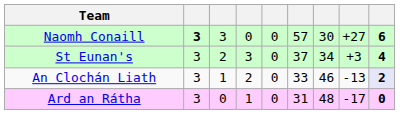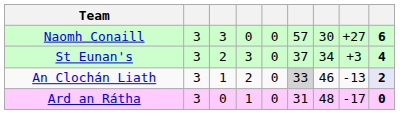 <table class="wikitable" style="text-align:center">
 <tr>
 <th style="width:175px;">Team</th>
 <th width="20"></th>
 <th width="20"></th>
 <th width="20"></th>
 <th width="20"></th>
 <th width="20"></th>
 <th width="20"></th>
 <th width="20"></th>
 <th width="20"></th>
 </tr>
 <tr style="background:#cfc;">
 <td><a href='#'>Naomh Conaill</a></td>
-<td><strong>3</strong></td>
+<td>3</td>
 <td>3</td>
 <td>0</td>
 <td>0</td>
 <td>57</td>
 <td>30</td>
 <td>+27</td>
 <td><strong>6</strong></td>
 </tr>
 <tr style="background:#cfc;">
 <td><a href='#'>St Eunan's</a></td>
 <td>3</td>
 <td>2</td>
 <td>3</td>
 <td>0</td>
 <td>37</td>
 <td>34</td>
 <td>+3</td>
 <td><strong>4</strong></td>
 </tr>
 <tr>
 <td><a href='#'>An Clochán Liath</a></td>
 <td>3</td>
 <td>1</td>
 <td>2</td>
 <td>0</td>
-<td>33</td>
+<td style="background: lightgrey;">33</td>
 <td>46</td>
 <td>-13</td>
 <td style="background: lavender;"><strong>2</strong></td>
 </tr>
 <tr style="background:#fcf;">
 <td><a href='#'>Ard an Rátha</a></td>
 <td>3</td>
 <td>0</td>
 <td>1</td>
 <td>0</td>
 <td>31</td>
 <td>48</td>
 <td>-17</td>
 <td><strong>0</strong></td>
 </tr>
 </table>
